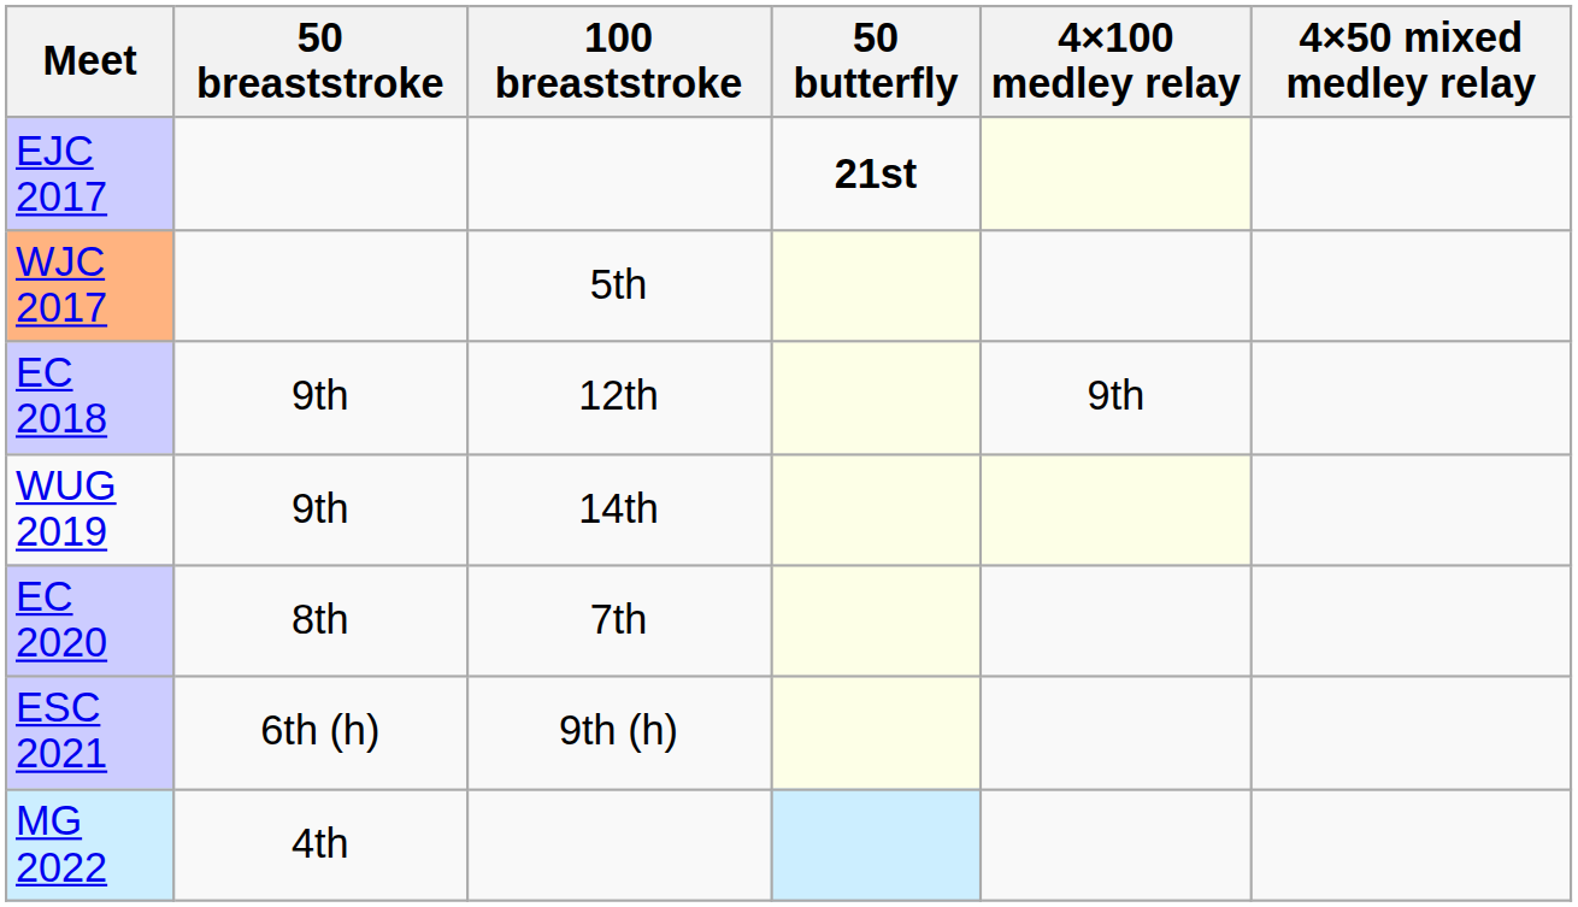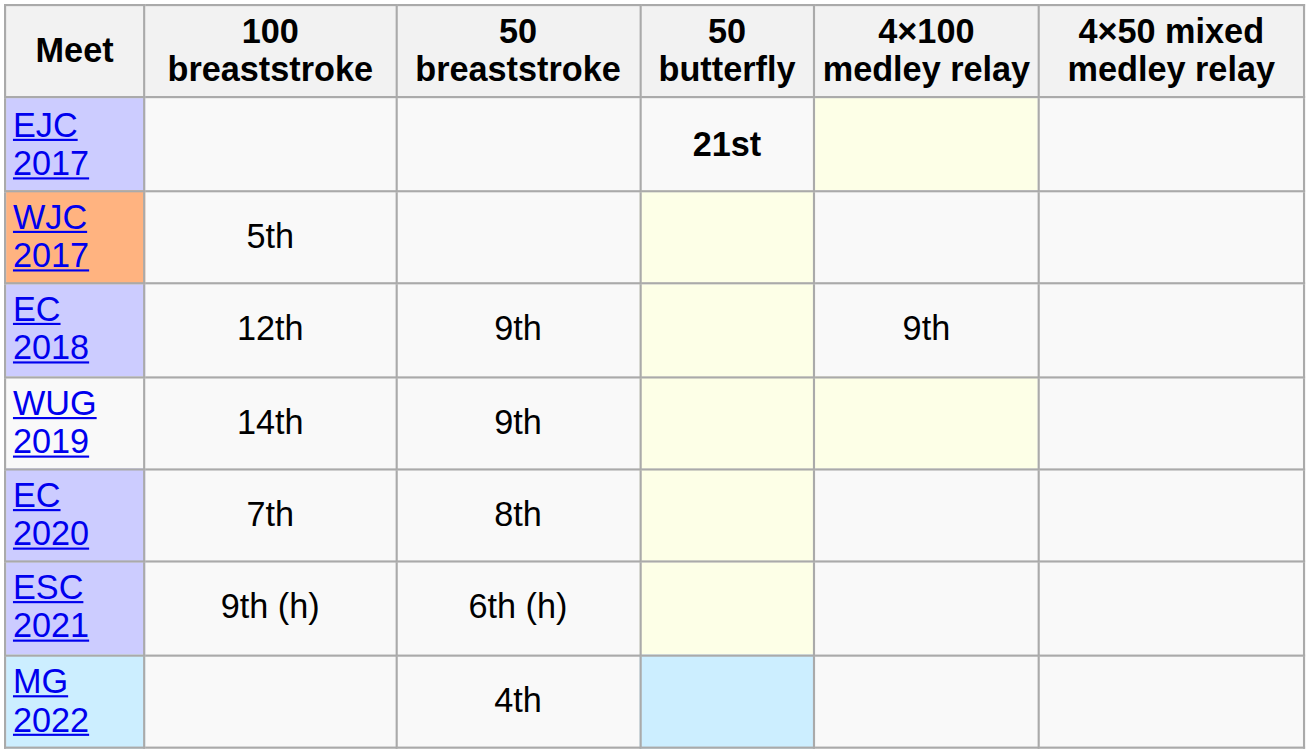 <table class="sortable wikitable">
 <tr>
 <th>Meet</th>
+<th class="unsortable">100 breaststroke</th>
 <th class="unsortable">50 breaststroke</th>
-<th class="unsortable">100 breaststroke</th>
 <th class="unsortable">50 butterfly</th>
 <th class="unsortable">4×100 medley relay</th>
 <th class="unsortable">4×50 mixed medley relay</th>
 </tr>
 <tr>
 <td style="background:#ccccff"><a href='#'>EJC 2017</a></td>
 <td align="center"></td>
 <td align="center"></td>
 <td align="center"><strong>21st</strong></td>
 <td style="background:#fdffe7"></td>
 <td></td>
 </tr>
 <tr>
 <td style="background:#ffb380"><a href='#'>WJC 2017</a></td>
+<td align="center">5th</td>
 <td align="center"></td>
-<td align="center">5th</td>
 <td style="background:#fdffe7"></td>
 <td align="center"></td>
 <td></td>
 </tr>
 <tr>
 <td style="background:#ccccff"><a href='#'>EC 2018</a></td>
+<td align="center">12th</td>
 <td align="center">9th</td>
-<td align="center">12th</td>
 <td style="background:#fdffe7"></td>
 <td align="center">9th</td>
 <td></td>
 </tr>
 <tr>
 <td><a href='#'>WUG 2019</a></td>
+<td align="center">14th</td>
 <td align="center">9th</td>
-<td align="center">14th</td>
 <td style="background:#fdffe7"></td>
 <td style="background:#fdffe7"></td>
 <td></td>
 </tr>
 <tr>
 <td style="background:#ccccff"><a href='#'>EC 2020</a></td>
+<td align="center">7th</td>
 <td align="center">8th</td>
-<td align="center">7th</td>
 <td style="background:#fdffe7"></td>
 <td align="center"></td>
 <td></td>
 </tr>
 <tr>
 <td style="background:#ccccff"><a href='#'>ESC 2021</a></td>
+<td align="center">9th (h)</td>
 <td align="center">6th (h)</td>
-<td align="center">9th (h)</td>
 <td style="background:#fdffe7"></td>
 <td></td>
 <td align="center"></td>
 </tr>
 <tr>
 <td style="background:#cceeff"><a href='#'>MG 2022</a></td>
+<td align="center"></td>
 <td align="center">4th</td>
-<td align="center"></td>
 <td style="background:#cceeff"></td>
 <td align="center"></td>
 <td></td>
 </tr>
 </table>
